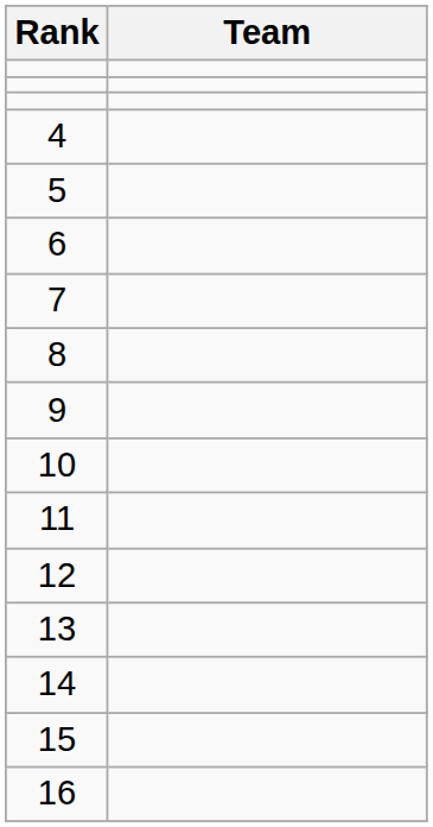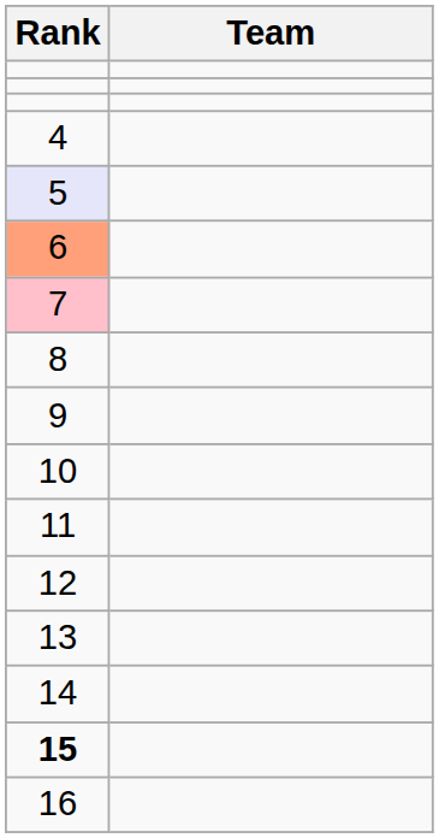 <table class="wikitable" style="text-align:center;">
 <tr>
 <th width=40>Rank</th>
 <th width=140>Team</th>
 </tr>
 <tr>
 <td></td>
 <td style="text-align:left;"></td>
 </tr>
 <tr>
 <td></td>
 <td style="text-align:left;"></td>
 </tr>
 <tr>
 <td></td>
 <td style="text-align:left;"></td>
 </tr>
 <tr>
 <td>4</td>
 <td style="text-align:left;"></td>
 </tr>
 <tr>
-<td>5</td>
+<td style="background: lavender;">5</td>
 <td style="text-align:left;"></td>
 </tr>
 <tr>
-<td>6</td>
+<td style="background: lightsalmon;">6</td>
 <td style="text-align:left;"></td>
 </tr>
 <tr>
-<td>7</td>
+<td style="background: pink;">7</td>
 <td style="text-align:left;"></td>
 </tr>
 <tr>
 <td>8</td>
 <td style="text-align:left;"></td>
 </tr>
 <tr>
 <td>9</td>
 <td style="text-align:left;"></td>
 </tr>
 <tr>
 <td>10</td>
 <td style="text-align:left;"></td>
 </tr>
 <tr>
 <td>11</td>
 <td style="text-align:left;"></td>
 </tr>
 <tr>
 <td>12</td>
 <td style="text-align:left;"></td>
 </tr>
 <tr>
 <td>13</td>
 <td style="text-align:left;"></td>
 </tr>
 <tr>
 <td>14</td>
 <td style="text-align:left;"></td>
 </tr>
 <tr>
-<td>15</td>
+<td><strong>15</strong></td>
 <td style="text-align:left;"></td>
 </tr>
 <tr>
 <td>16</td>
 <td style="text-align:left;"></td>
 </tr>
 </table>
